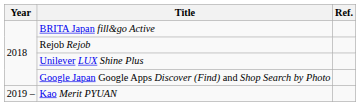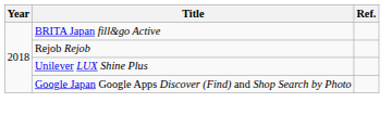 <table class="wikitable">
 <tr>
 <th>Year</th>
 <th>Title</th>
 <th>Ref.</th>
 </tr>
 <tr>
 <td rowspan="4">2018</td>
 <td><a href='#'>BRITA Japan</a> <em>fill&go Active</em></td>
 <td></td>
 </tr>
 <tr>
 <td>Rejob <em>Rejob</em></td>
 <td></td>
 </tr>
 <tr>
 <td><a href='#'>Unilever</a> <em><a href='#'>LUX</a> Shine Plus</em></td>
 <td></td>
 </tr>
 <tr>
 <td><a href='#'>Google Japan</a> Google Apps <em>Discover (Find)</em> and <em>Shop Search by Photo</em></td>
 <td></td>
 </tr>
-<tr>
-<td>2019 –</td>
-<td><a href='#'>Kao</a> <em>Merit PYUAN</em></td>
-<td></td>
-</tr>
 </table>
